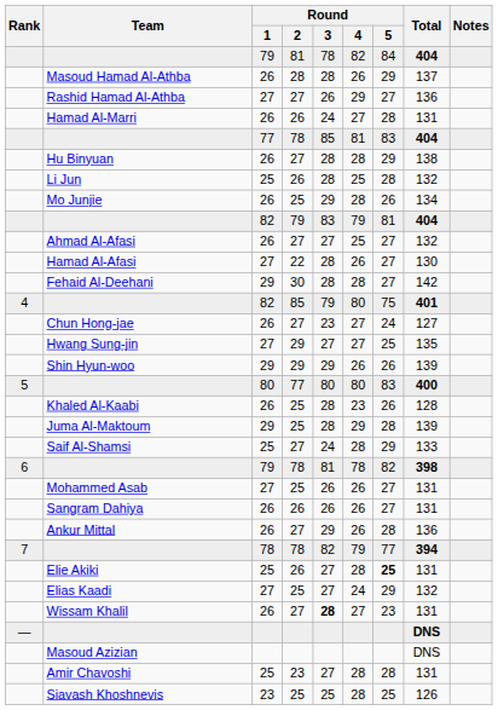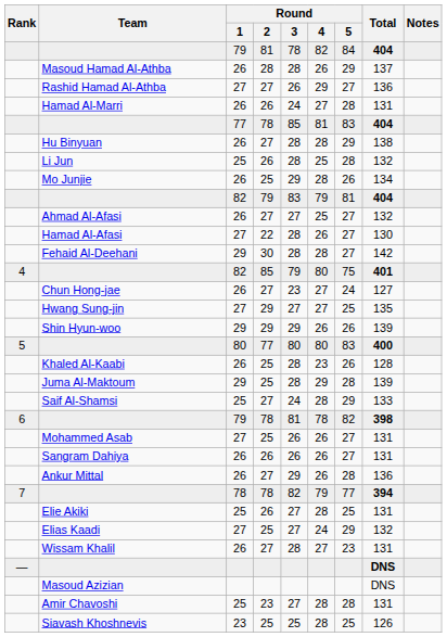 <table class="wikitable" style="text-align:center">
 <tr>
 <th rowspan=2 width=40>Rank</th>
 <th rowspan=2 width=250>Team</th>
 <th colspan=5>Round</th>
 <th rowspan=2 width=50>Total</th>
 <th rowspan=2 width=45>Notes</th>
 </tr>
 <tr>
 <th width=30>1</th>
 <th width=30>2</th>
 <th width=30>3</th>
 <th width=30>4</th>
 <th width=30>5</th>
 </tr>
 <tr bgcolor=eeeeee>
 <td></td>
 <td align=left></td>
 <td>79</td>
 <td>81</td>
 <td>78</td>
 <td>82</td>
 <td>84</td>
 <td><strong>404</strong></td>
 <td></td>
 </tr>
 <tr>
 <td></td>
 <td align=left><a href='#'>Masoud Hamad Al-Athba</a></td>
 <td>26</td>
 <td>28</td>
 <td>28</td>
 <td>26</td>
 <td>29</td>
 <td>137</td>
 <td></td>
 </tr>
 <tr>
 <td></td>
 <td align=left><a href='#'>Rashid Hamad Al-Athba</a></td>
 <td>27</td>
 <td>27</td>
 <td>26</td>
 <td>29</td>
 <td>27</td>
 <td>136</td>
 <td></td>
 </tr>
 <tr>
 <td></td>
 <td align=left><a href='#'>Hamad Al-Marri</a></td>
 <td>26</td>
 <td>26</td>
 <td>24</td>
 <td>27</td>
 <td>28</td>
 <td>131</td>
 <td></td>
 </tr>
 <tr bgcolor=eeeeee>
 <td></td>
 <td align=left></td>
 <td>77</td>
 <td>78</td>
 <td>85</td>
 <td>81</td>
 <td>83</td>
 <td><strong>404</strong></td>
 <td></td>
 </tr>
 <tr>
 <td></td>
 <td align=left><a href='#'>Hu Binyuan</a></td>
 <td>26</td>
 <td>27</td>
 <td>28</td>
 <td>28</td>
 <td>29</td>
 <td>138</td>
 <td></td>
 </tr>
 <tr>
 <td></td>
 <td align=left><a href='#'>Li Jun</a></td>
 <td>25</td>
 <td>26</td>
 <td>28</td>
 <td>25</td>
 <td>28</td>
 <td>132</td>
 <td></td>
 </tr>
 <tr>
 <td></td>
 <td align=left><a href='#'>Mo Junjie</a></td>
 <td>26</td>
 <td>25</td>
 <td>29</td>
 <td>28</td>
 <td>26</td>
 <td>134</td>
 <td></td>
 </tr>
 <tr bgcolor=eeeeee>
 <td></td>
 <td align=left></td>
 <td>82</td>
 <td>79</td>
 <td>83</td>
 <td>79</td>
 <td>81</td>
 <td><strong>404</strong></td>
 <td></td>
 </tr>
 <tr>
 <td></td>
 <td align=left><a href='#'>Ahmad Al-Afasi</a></td>
 <td>26</td>
 <td>27</td>
 <td>27</td>
 <td>25</td>
 <td>27</td>
 <td>132</td>
 <td></td>
 </tr>
 <tr>
 <td></td>
 <td align=left><a href='#'>Hamad Al-Afasi</a></td>
 <td>27</td>
 <td>22</td>
 <td>28</td>
 <td>26</td>
 <td>27</td>
 <td>130</td>
 <td></td>
 </tr>
 <tr>
 <td></td>
 <td align=left><a href='#'>Fehaid Al-Deehani</a></td>
 <td>29</td>
 <td>30</td>
 <td>28</td>
 <td>28</td>
 <td>27</td>
 <td>142</td>
 <td></td>
 </tr>
 <tr bgcolor=eeeeee>
 <td>4</td>
 <td align=left></td>
 <td>82</td>
 <td>85</td>
 <td>79</td>
 <td>80</td>
 <td>75</td>
 <td><strong>401</strong></td>
 <td></td>
 </tr>
 <tr>
 <td></td>
 <td align=left><a href='#'>Chun Hong-jae</a></td>
 <td>26</td>
 <td>27</td>
 <td>23</td>
 <td>27</td>
 <td>24</td>
 <td>127</td>
 <td></td>
 </tr>
 <tr>
 <td></td>
 <td align=left><a href='#'>Hwang Sung-jin</a></td>
 <td>27</td>
 <td>29</td>
 <td>27</td>
 <td>27</td>
 <td>25</td>
 <td>135</td>
 <td></td>
 </tr>
 <tr>
 <td></td>
 <td align=left><a href='#'>Shin Hyun-woo</a></td>
 <td>29</td>
 <td>29</td>
 <td>29</td>
 <td>26</td>
 <td>26</td>
 <td>139</td>
 <td></td>
 </tr>
 <tr bgcolor=eeeeee>
 <td>5</td>
 <td align=left></td>
 <td>80</td>
 <td>77</td>
 <td>80</td>
 <td>80</td>
 <td>83</td>
 <td><strong>400</strong></td>
 <td></td>
 </tr>
 <tr>
 <td></td>
 <td align=left><a href='#'>Khaled Al-Kaabi</a></td>
 <td>26</td>
 <td>25</td>
 <td>28</td>
 <td>23</td>
 <td>26</td>
 <td>128</td>
 <td></td>
 </tr>
 <tr>
 <td></td>
 <td align=left><a href='#'>Juma Al-Maktoum</a></td>
 <td>29</td>
 <td>25</td>
 <td>28</td>
 <td>29</td>
 <td>28</td>
 <td>139</td>
 <td></td>
 </tr>
 <tr>
 <td></td>
 <td align=left><a href='#'>Saif Al-Shamsi</a></td>
 <td>25</td>
 <td>27</td>
 <td>24</td>
 <td>28</td>
 <td>29</td>
 <td>133</td>
 <td></td>
 </tr>
 <tr bgcolor=eeeeee>
 <td>6</td>
 <td align=left></td>
 <td>79</td>
 <td>78</td>
 <td>81</td>
 <td>78</td>
 <td>82</td>
 <td><strong>398</strong></td>
 <td></td>
 </tr>
 <tr>
 <td></td>
 <td align=left><a href='#'>Mohammed Asab</a></td>
 <td>27</td>
 <td>25</td>
 <td>26</td>
 <td>26</td>
 <td>27</td>
 <td>131</td>
 <td></td>
 </tr>
 <tr>
 <td></td>
 <td align=left><a href='#'>Sangram Dahiya</a></td>
 <td>26</td>
 <td>26</td>
 <td>26</td>
 <td>26</td>
 <td>27</td>
 <td>131</td>
 <td></td>
 </tr>
 <tr>
 <td></td>
 <td align=left><a href='#'>Ankur Mittal</a></td>
 <td>26</td>
 <td>27</td>
 <td>29</td>
 <td>26</td>
 <td>28</td>
 <td>136</td>
 <td></td>
 </tr>
 <tr bgcolor=eeeeee>
 <td>7</td>
 <td align=left></td>
 <td>78</td>
 <td>78</td>
 <td>82</td>
 <td>79</td>
 <td>77</td>
 <td><strong>394</strong></td>
 <td></td>
 </tr>
 <tr>
 <td></td>
 <td align=left><a href='#'>Elie Akiki</a></td>
 <td>25</td>
 <td>26</td>
 <td>27</td>
 <td>28</td>
-<td><strong>25</strong></td>
+<td>25</td>
 <td>131</td>
 <td></td>
 </tr>
 <tr>
 <td></td>
 <td align=left><a href='#'>Elias Kaadi</a></td>
 <td>27</td>
 <td>25</td>
 <td>27</td>
 <td>24</td>
 <td>29</td>
 <td>132</td>
 <td></td>
 </tr>
 <tr>
 <td></td>
 <td align=left><a href='#'>Wissam Khalil</a></td>
 <td>26</td>
 <td>27</td>
-<td><strong>28</strong></td>
+<td>28</td>
 <td>27</td>
 <td>23</td>
 <td>131</td>
 <td></td>
 </tr>
 <tr bgcolor=eeeeee>
 <td>—</td>
 <td align=left></td>
 <td></td>
 <td></td>
 <td></td>
 <td></td>
 <td></td>
 <td><strong>DNS</strong></td>
 <td></td>
 </tr>
 <tr>
 <td></td>
 <td align=left><a href='#'>Masoud Azizian</a></td>
 <td></td>
 <td></td>
 <td></td>
 <td></td>
 <td></td>
 <td>DNS</td>
 <td></td>
 </tr>
 <tr>
 <td></td>
 <td align=left><a href='#'>Amir Chavoshi</a></td>
 <td>25</td>
 <td>23</td>
 <td>27</td>
 <td>28</td>
 <td>28</td>
 <td>131</td>
 <td></td>
 </tr>
 <tr>
 <td></td>
 <td align=left><a href='#'>Siavash Khoshnevis</a></td>
 <td>23</td>
 <td>25</td>
 <td>25</td>
 <td>28</td>
 <td>25</td>
 <td>126</td>
 <td></td>
 </tr>
 </table>
